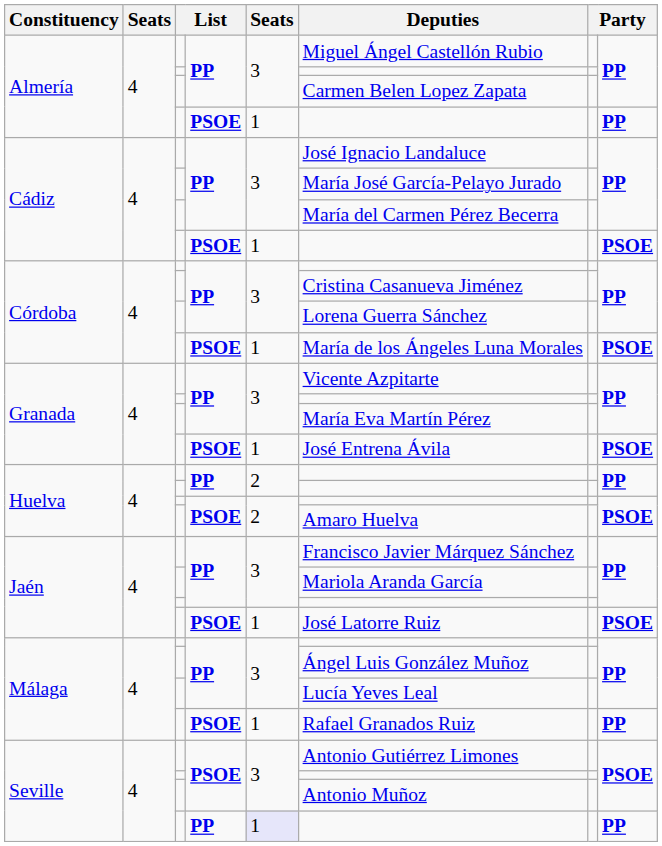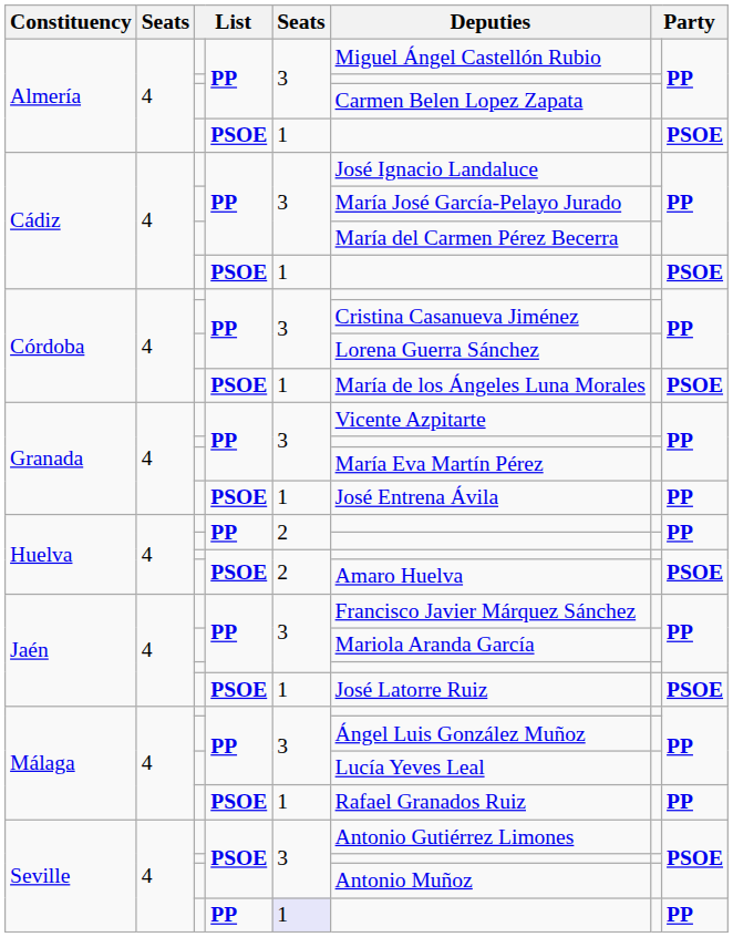 <table class="wikitable sortable">
 <tr>
 <th>Constituency</th>
 <th>Seats</th>
 <th colspan="2">List</th>
 <th>Seats</th>
 <th>Deputies</th>
 <th colspan="2">Party</th>
 </tr>
 <tr>
 <td rowspan="4"><a href='#'>Almería</a></td>
 <td rowspan="4">4</td>
 <td></td>
 <td rowspan="3"><strong><a href='#'>PP</a></strong></td>
 <td rowspan="3">3</td>
 <td><a href='#'>Miguel Ángel Castellón Rubio</a></td>
 <td></td>
 <td rowspan="3"><strong><a href='#'>PP</a></strong></td>
 </tr>
 <tr>
 <td></td>
 <td></td>
 <td></td>
 </tr>
 <tr>
 <td></td>
 <td><a href='#'>Carmen Belen Lopez Zapata</a></td>
 <td></td>
 </tr>
 <tr>
 <td width="1"></td>
 <td><strong><a href='#'>PSOE</a></strong></td>
 <td>1</td>
 <td></td>
 <td width="1"></td>
-<td><strong><a href='#'>PP</a></strong></td>
+<td><strong><a href='#'>PSOE</a></strong></td>
 </tr>
 <tr>
 <td rowspan="4"><a href='#'>Cádiz</a></td>
 <td rowspan="4">4</td>
 <td></td>
 <td rowspan="3"><strong><a href='#'>PP</a></strong></td>
 <td rowspan="3">3</td>
 <td><a href='#'>José Ignacio Landaluce</a></td>
 <td></td>
 <td rowspan="3"><strong><a href='#'>PP</a></strong></td>
 </tr>
 <tr>
 <td></td>
 <td><a href='#'>María José García-Pelayo Jurado</a></td>
 <td></td>
 </tr>
 <tr>
 <td></td>
 <td><a href='#'>María del Carmen Pérez Becerra</a></td>
 <td></td>
 </tr>
 <tr>
 <td width="1"></td>
 <td><strong><a href='#'>PSOE</a></strong></td>
 <td>1</td>
 <td></td>
 <td width="1"></td>
 <td><strong><a href='#'>PSOE</a></strong></td>
 </tr>
 <tr>
 <td rowspan="4"><a href='#'>Córdoba</a></td>
 <td rowspan="4">4</td>
 <td></td>
 <td rowspan="3"><strong><a href='#'>PP</a></strong></td>
 <td rowspan="3">3</td>
 <td></td>
 <td></td>
 <td rowspan="3"><strong><a href='#'>PP</a></strong></td>
 </tr>
 <tr>
 <td></td>
 <td><a href='#'>Cristina Casanueva Jiménez</a></td>
 <td></td>
 </tr>
 <tr>
 <td></td>
 <td><a href='#'>Lorena Guerra Sánchez</a></td>
 <td></td>
 </tr>
 <tr>
 <td width="1"></td>
 <td><strong><a href='#'>PSOE</a></strong></td>
 <td>1</td>
 <td><a href='#'>María de los Ángeles Luna Morales</a></td>
 <td width="1"></td>
 <td><strong><a href='#'>PSOE</a></strong></td>
 </tr>
 <tr>
 <td rowspan="4"><a href='#'>Granada</a></td>
 <td rowspan="4">4</td>
 <td></td>
 <td rowspan="3"><strong><a href='#'>PP</a></strong></td>
 <td rowspan="3">3</td>
 <td><a href='#'>Vicente Azpitarte</a></td>
 <td></td>
 <td rowspan="3"><strong><a href='#'>PP</a></strong></td>
 </tr>
 <tr>
 <td></td>
 <td></td>
 <td></td>
 </tr>
 <tr>
 <td></td>
 <td><a href='#'>María Eva Martín Pérez</a></td>
 <td></td>
 </tr>
 <tr>
 <td width="1"></td>
 <td><strong><a href='#'>PSOE</a></strong></td>
 <td>1</td>
 <td><a href='#'>José Entrena Ávila</a></td>
 <td width="1"></td>
-<td><strong><a href='#'>PSOE</a></strong></td>
+<td><strong><a href='#'>PP</a></strong></td>
 </tr>
 <tr>
 <td rowspan="4"><a href='#'>Huelva</a></td>
 <td rowspan="4">4</td>
 <td></td>
 <td rowspan="2"><strong><a href='#'>PP</a></strong></td>
 <td rowspan="2">2</td>
 <td></td>
 <td></td>
 <td rowspan="2"><strong><a href='#'>PP</a></strong></td>
 </tr>
 <tr>
 <td></td>
 <td></td>
 <td></td>
 </tr>
 <tr>
 <td width="1"></td>
 <td rowspan="2"><strong><a href='#'>PSOE</a></strong></td>
 <td rowspan="2">2</td>
 <td></td>
 <td width="1"></td>
 <td rowspan="2"><strong><a href='#'>PSOE</a></strong></td>
 </tr>
 <tr>
 <td width="1"></td>
 <td><a href='#'>Amaro Huelva</a></td>
 <td width="1"></td>
 </tr>
 <tr>
 <td rowspan="4"><a href='#'>Jaén</a></td>
 <td rowspan="4">4</td>
 <td></td>
 <td rowspan="3"><strong><a href='#'>PP</a></strong></td>
 <td rowspan="3">3</td>
 <td><a href='#'>Francisco Javier Márquez Sánchez</a></td>
 <td></td>
 <td rowspan="3"><strong><a href='#'>PP</a></strong></td>
 </tr>
 <tr>
 <td></td>
 <td><a href='#'>Mariola Aranda García</a></td>
 <td></td>
 </tr>
 <tr>
 <td></td>
 <td></td>
 <td></td>
 </tr>
 <tr>
 <td width="1"></td>
 <td><strong><a href='#'>PSOE</a></strong></td>
 <td>1</td>
 <td><a href='#'>José Latorre Ruiz</a></td>
 <td width="1"></td>
 <td><strong><a href='#'>PSOE</a></strong></td>
 </tr>
 <tr>
 <td rowspan="4"><a href='#'>Málaga</a></td>
 <td rowspan="4">4</td>
 <td></td>
 <td rowspan="3"><strong><a href='#'>PP</a></strong></td>
 <td rowspan="3">3</td>
 <td></td>
 <td></td>
 <td rowspan="3"><strong><a href='#'>PP</a></strong></td>
 </tr>
 <tr>
 <td></td>
 <td><a href='#'>Ángel Luis González Muñoz</a></td>
 <td></td>
 </tr>
 <tr>
 <td></td>
 <td><a href='#'>Lucía Yeves Leal</a></td>
 <td></td>
 </tr>
 <tr>
 <td width="1"></td>
 <td><strong><a href='#'>PSOE</a></strong></td>
 <td>1</td>
 <td><a href='#'>Rafael Granados Ruiz</a></td>
 <td width="1"></td>
 <td><strong><a href='#'>PP</a></strong></td>
 </tr>
 <tr>
 <td rowspan="4"><a href='#'>Seville</a></td>
 <td rowspan="4">4</td>
 <td width="1"></td>
 <td rowspan="3"><strong><a href='#'>PSOE</a></strong></td>
 <td rowspan="3">3</td>
 <td><a href='#'>Antonio Gutiérrez Limones</a></td>
 <td width="1"></td>
 <td rowspan="3"><strong><a href='#'>PSOE</a></strong></td>
 </tr>
 <tr>
 <td width="1"></td>
 <td></td>
 <td width="1"></td>
 </tr>
 <tr>
 <td width="1"></td>
 <td><a href='#'>Antonio Muñoz</a></td>
 <td width="1"></td>
 </tr>
 <tr>
 <td></td>
 <td><strong><a href='#'>PP</a></strong></td>
 <td style="background: lavender;">1</td>
 <td></td>
 <td></td>
 <td><strong><a href='#'>PP</a></strong></td>
 </tr>
 </table>
